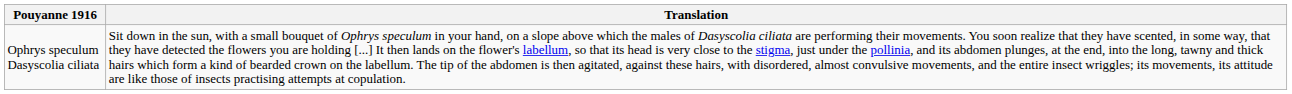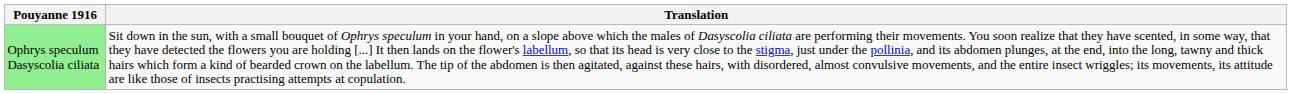 <table class="wikitable" style="margin: 1em auto;">
 <tr>
 <th>Pouyanne 1916</th>
 <th>Translation</th>
 </tr>
 <tr>
-<td> Ophrys speculum  Dasyscolia ciliata </td>
+<td style="background: lightgreen;"> Ophrys speculum  Dasyscolia ciliata </td>
 <td>Sit down in the sun, with a small bouquet of <em>Ophrys speculum</em> in your hand, on a slope above which the males of <em>Dasyscolia ciliata</em> are performing their movements. You soon realize that they have scented, in some way, that they have detected the flowers you are holding [...] It then lands on the flower's <a href='#'>labellum</a>, so that its head is very close to the <a href='#'>stigma</a>, just under the <a href='#'>pollinia</a>, and its abdomen plunges, at the end, into the long, tawny and thick hairs which form a kind of bearded crown on the labellum. The tip of the abdomen is then agitated, against these hairs, with disordered, almost convulsive movements, and the entire insect wriggles; its movements, its attitude are like those of insects practising attempts at copulation.</td>
 </tr>
 </table>
